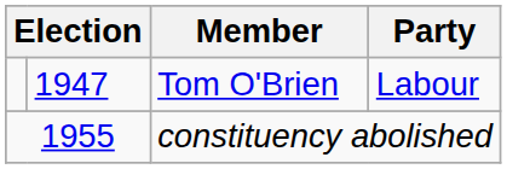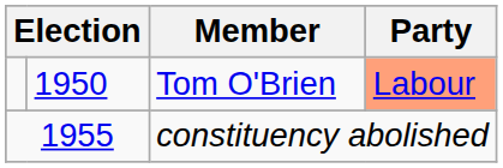 <table class="wikitable">
 <tr>
 <th colspan="2">Election</th>
 <th>Member</th>
 <th>Party</th>
 </tr>
 <tr>
 <td style="color:inherit;background-color: "></td>
-<td><a href='#'>1947</a></td>
+<td><a href='#'>1950</a></td>
 <td><a href='#'>Tom O'Brien</a></td>
-<td><a href='#'>Labour</a></td>
+<td style="background: lightsalmon;"><a href='#'>Labour</a></td>
 </tr>
 <tr>
 <td colspan="2" align="center"><a href='#'>1955</a></td>
 <td colspan="2"><em>constituency abolished</em></td>
 </tr>
 </table>
